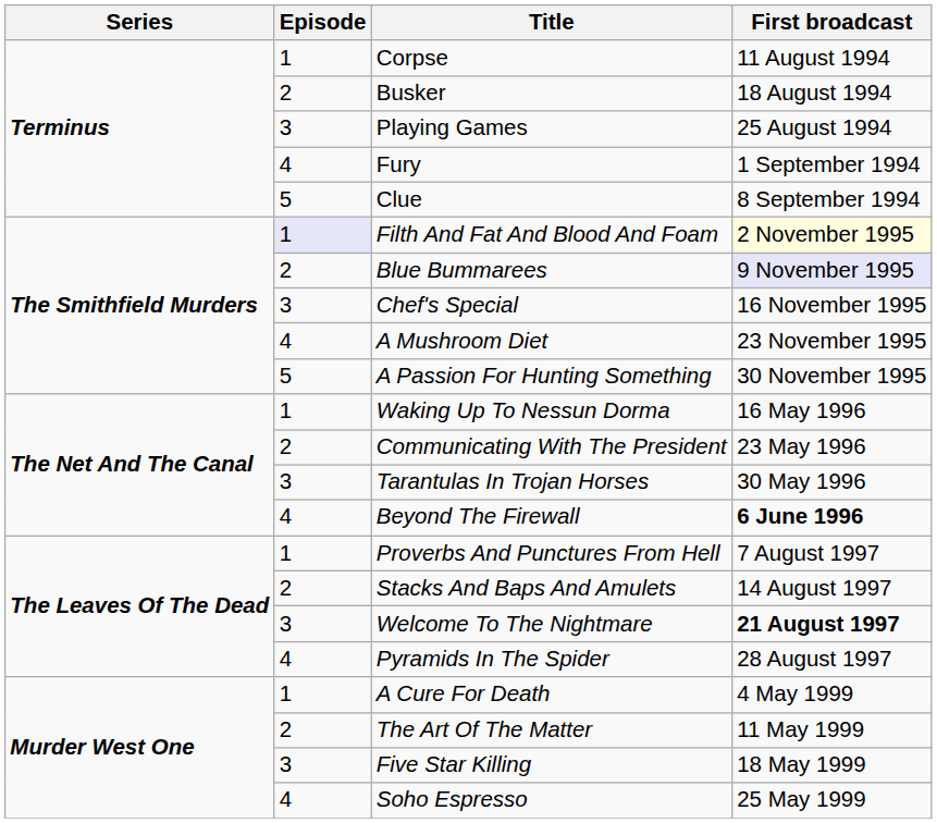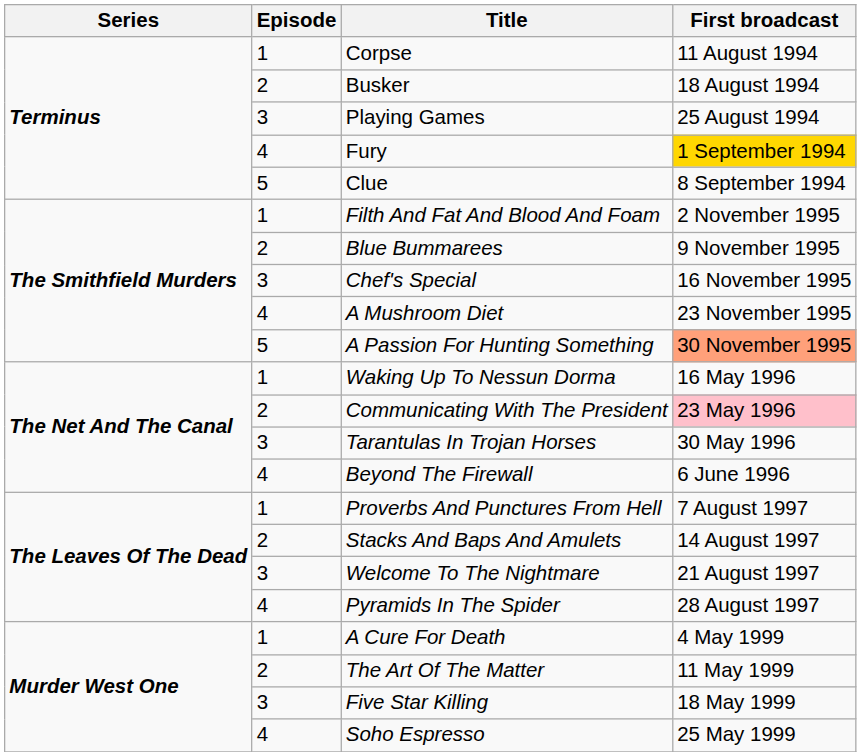 <table class="wikitable">
 <tr>
 <th>Series</th>
 <th>Episode</th>
 <th>Title</th>
 <th>First broadcast</th>
 </tr>
 <tr>
 <td rowspan="5"><strong><em>Terminus</em></strong></td>
 <td>1</td>
 <td>Corpse</td>
 <td>11 August 1994</td>
 </tr>
 <tr>
 <td>2</td>
 <td>Busker</td>
 <td>18 August 1994</td>
 </tr>
 <tr>
 <td>3</td>
 <td>Playing Games</td>
 <td>25 August 1994</td>
 </tr>
 <tr>
 <td>4</td>
 <td>Fury</td>
-<td>1 September 1994</td>
+<td style="background: gold;">1 September 1994</td>
 </tr>
 <tr>
 <td>5</td>
 <td>Clue</td>
 <td>8 September 1994</td>
 </tr>
 <tr>
 <td rowspan="5"><strong><em>The Smithfield Murders</em></strong></td>
-<td style="background: lavender;">1</td>
+<td>1</td>
 <td><em>Filth And Fat And Blood And Foam</em></td>
-<td style="background: lightyellow;">2 November 1995</td>
+<td>2 November 1995</td>
 </tr>
 <tr>
 <td>2</td>
 <td><em>Blue Bummarees</em></td>
-<td style="background: lavender;">9 November 1995</td>
+<td>9 November 1995</td>
 </tr>
 <tr>
 <td>3</td>
 <td><em>Chef's Special</em></td>
 <td>16 November 1995</td>
 </tr>
 <tr>
 <td>4</td>
 <td><em>A Mushroom Diet</em></td>
 <td>23 November 1995</td>
 </tr>
 <tr>
 <td>5</td>
 <td><em>A Passion For Hunting Something</em></td>
-<td>30 November 1995</td>
+<td style="background: lightsalmon;">30 November 1995</td>
 </tr>
 <tr>
 <td rowspan="4"><strong><em>The Net And The Canal</em></strong></td>
 <td>1</td>
 <td><em>Waking Up To Nessun Dorma</em></td>
 <td>16 May 1996</td>
 </tr>
 <tr>
 <td>2</td>
 <td><em>Communicating With The President</em></td>
-<td>23 May 1996</td>
+<td style="background: pink;">23 May 1996</td>
 </tr>
 <tr>
 <td>3</td>
 <td><em>Tarantulas In Trojan Horses</em></td>
 <td>30 May 1996</td>
 </tr>
 <tr>
 <td>4</td>
 <td><em>Beyond The Firewall</em></td>
-<td><strong>6 June 1996</strong></td>
+<td>6 June 1996</td>
 </tr>
 <tr>
 <td rowspan="4"><strong><em>The Leaves Of The Dead</em></strong></td>
 <td>1</td>
 <td><em>Proverbs And Punctures From Hell</em></td>
 <td>7 August 1997</td>
 </tr>
 <tr>
 <td>2</td>
 <td><em>Stacks And Baps And Amulets</em></td>
 <td>14 August 1997</td>
 </tr>
 <tr>
 <td>3</td>
 <td><em>Welcome To The Nightmare</em></td>
-<td><strong>21 August 1997</strong></td>
+<td>21 August 1997</td>
 </tr>
 <tr>
 <td>4</td>
 <td><em>Pyramids In The Spider</em></td>
 <td>28 August 1997</td>
 </tr>
 <tr>
 <td rowspan="4"><strong><em>Murder West One</em></strong></td>
 <td>1</td>
 <td><em>A Cure For Death</em></td>
 <td>4 May 1999</td>
 </tr>
 <tr>
 <td>2</td>
 <td><em>The Art Of The Matter</em></td>
 <td>11 May 1999</td>
 </tr>
 <tr>
 <td>3</td>
 <td><em>Five Star Killing</em></td>
 <td>18 May 1999</td>
 </tr>
 <tr>
 <td>4</td>
 <td><em>Soho Espresso</em></td>
 <td>25 May 1999</td>
 </tr>
 <tr>
 </tr>
 </table>
